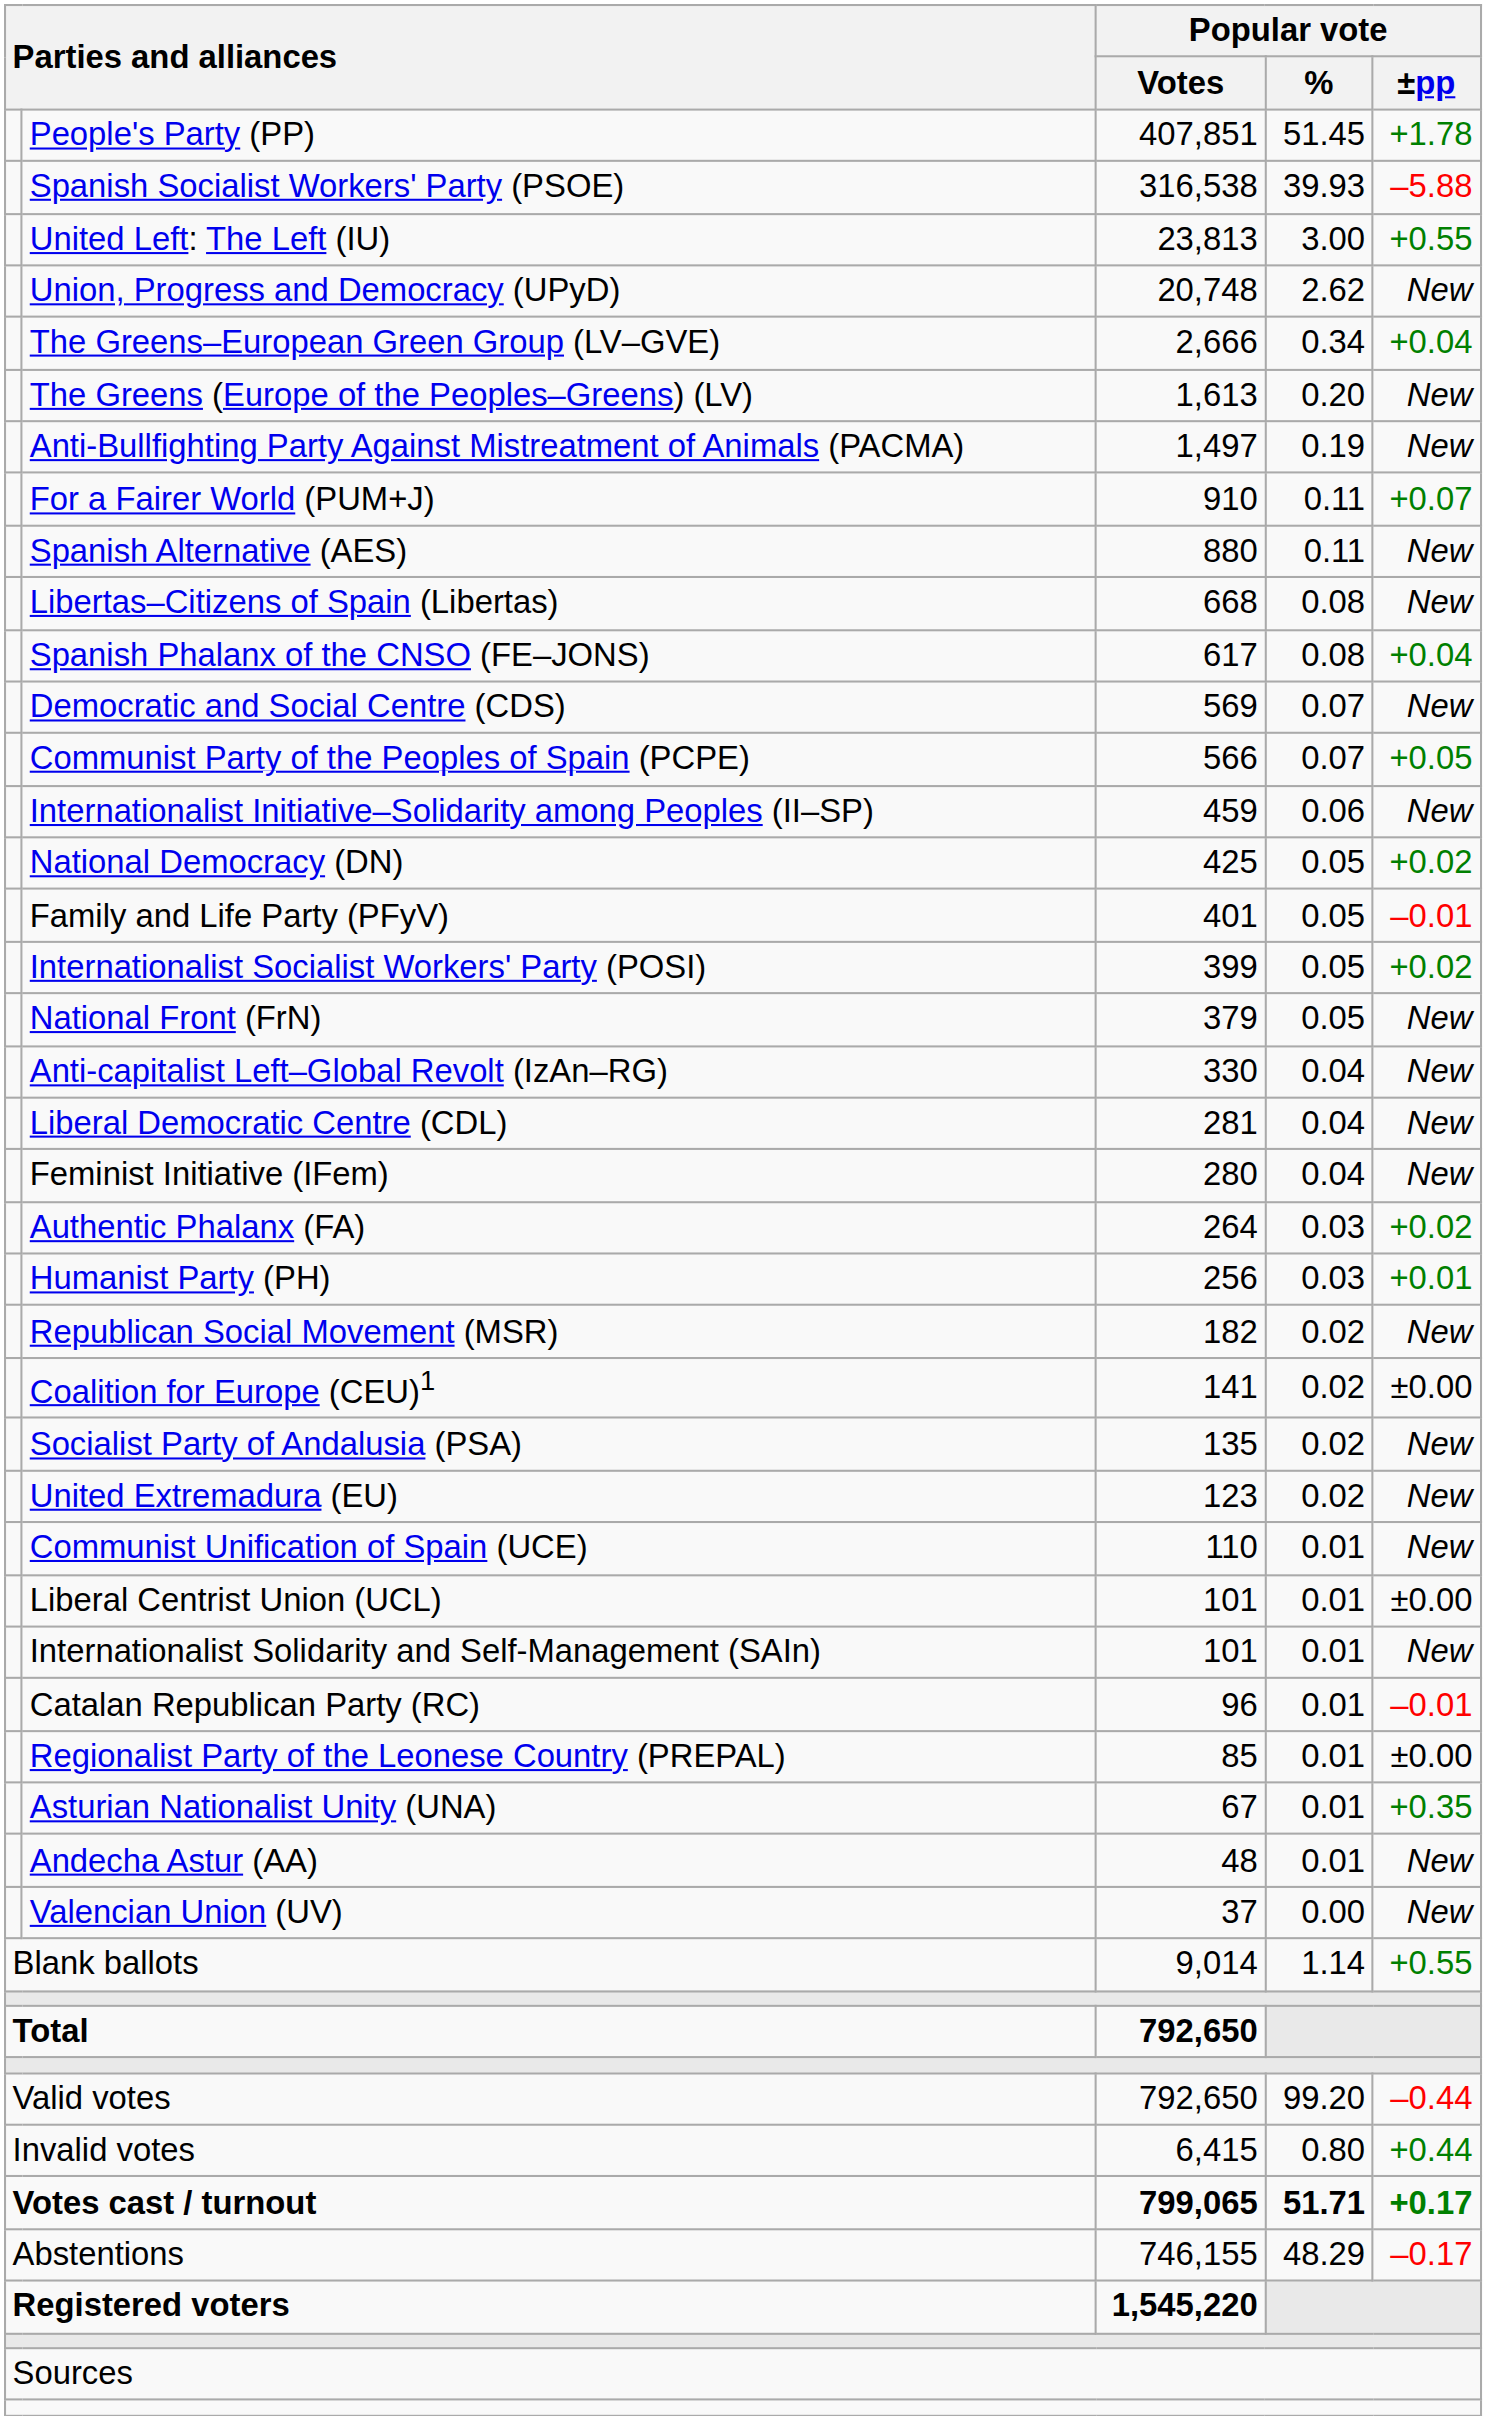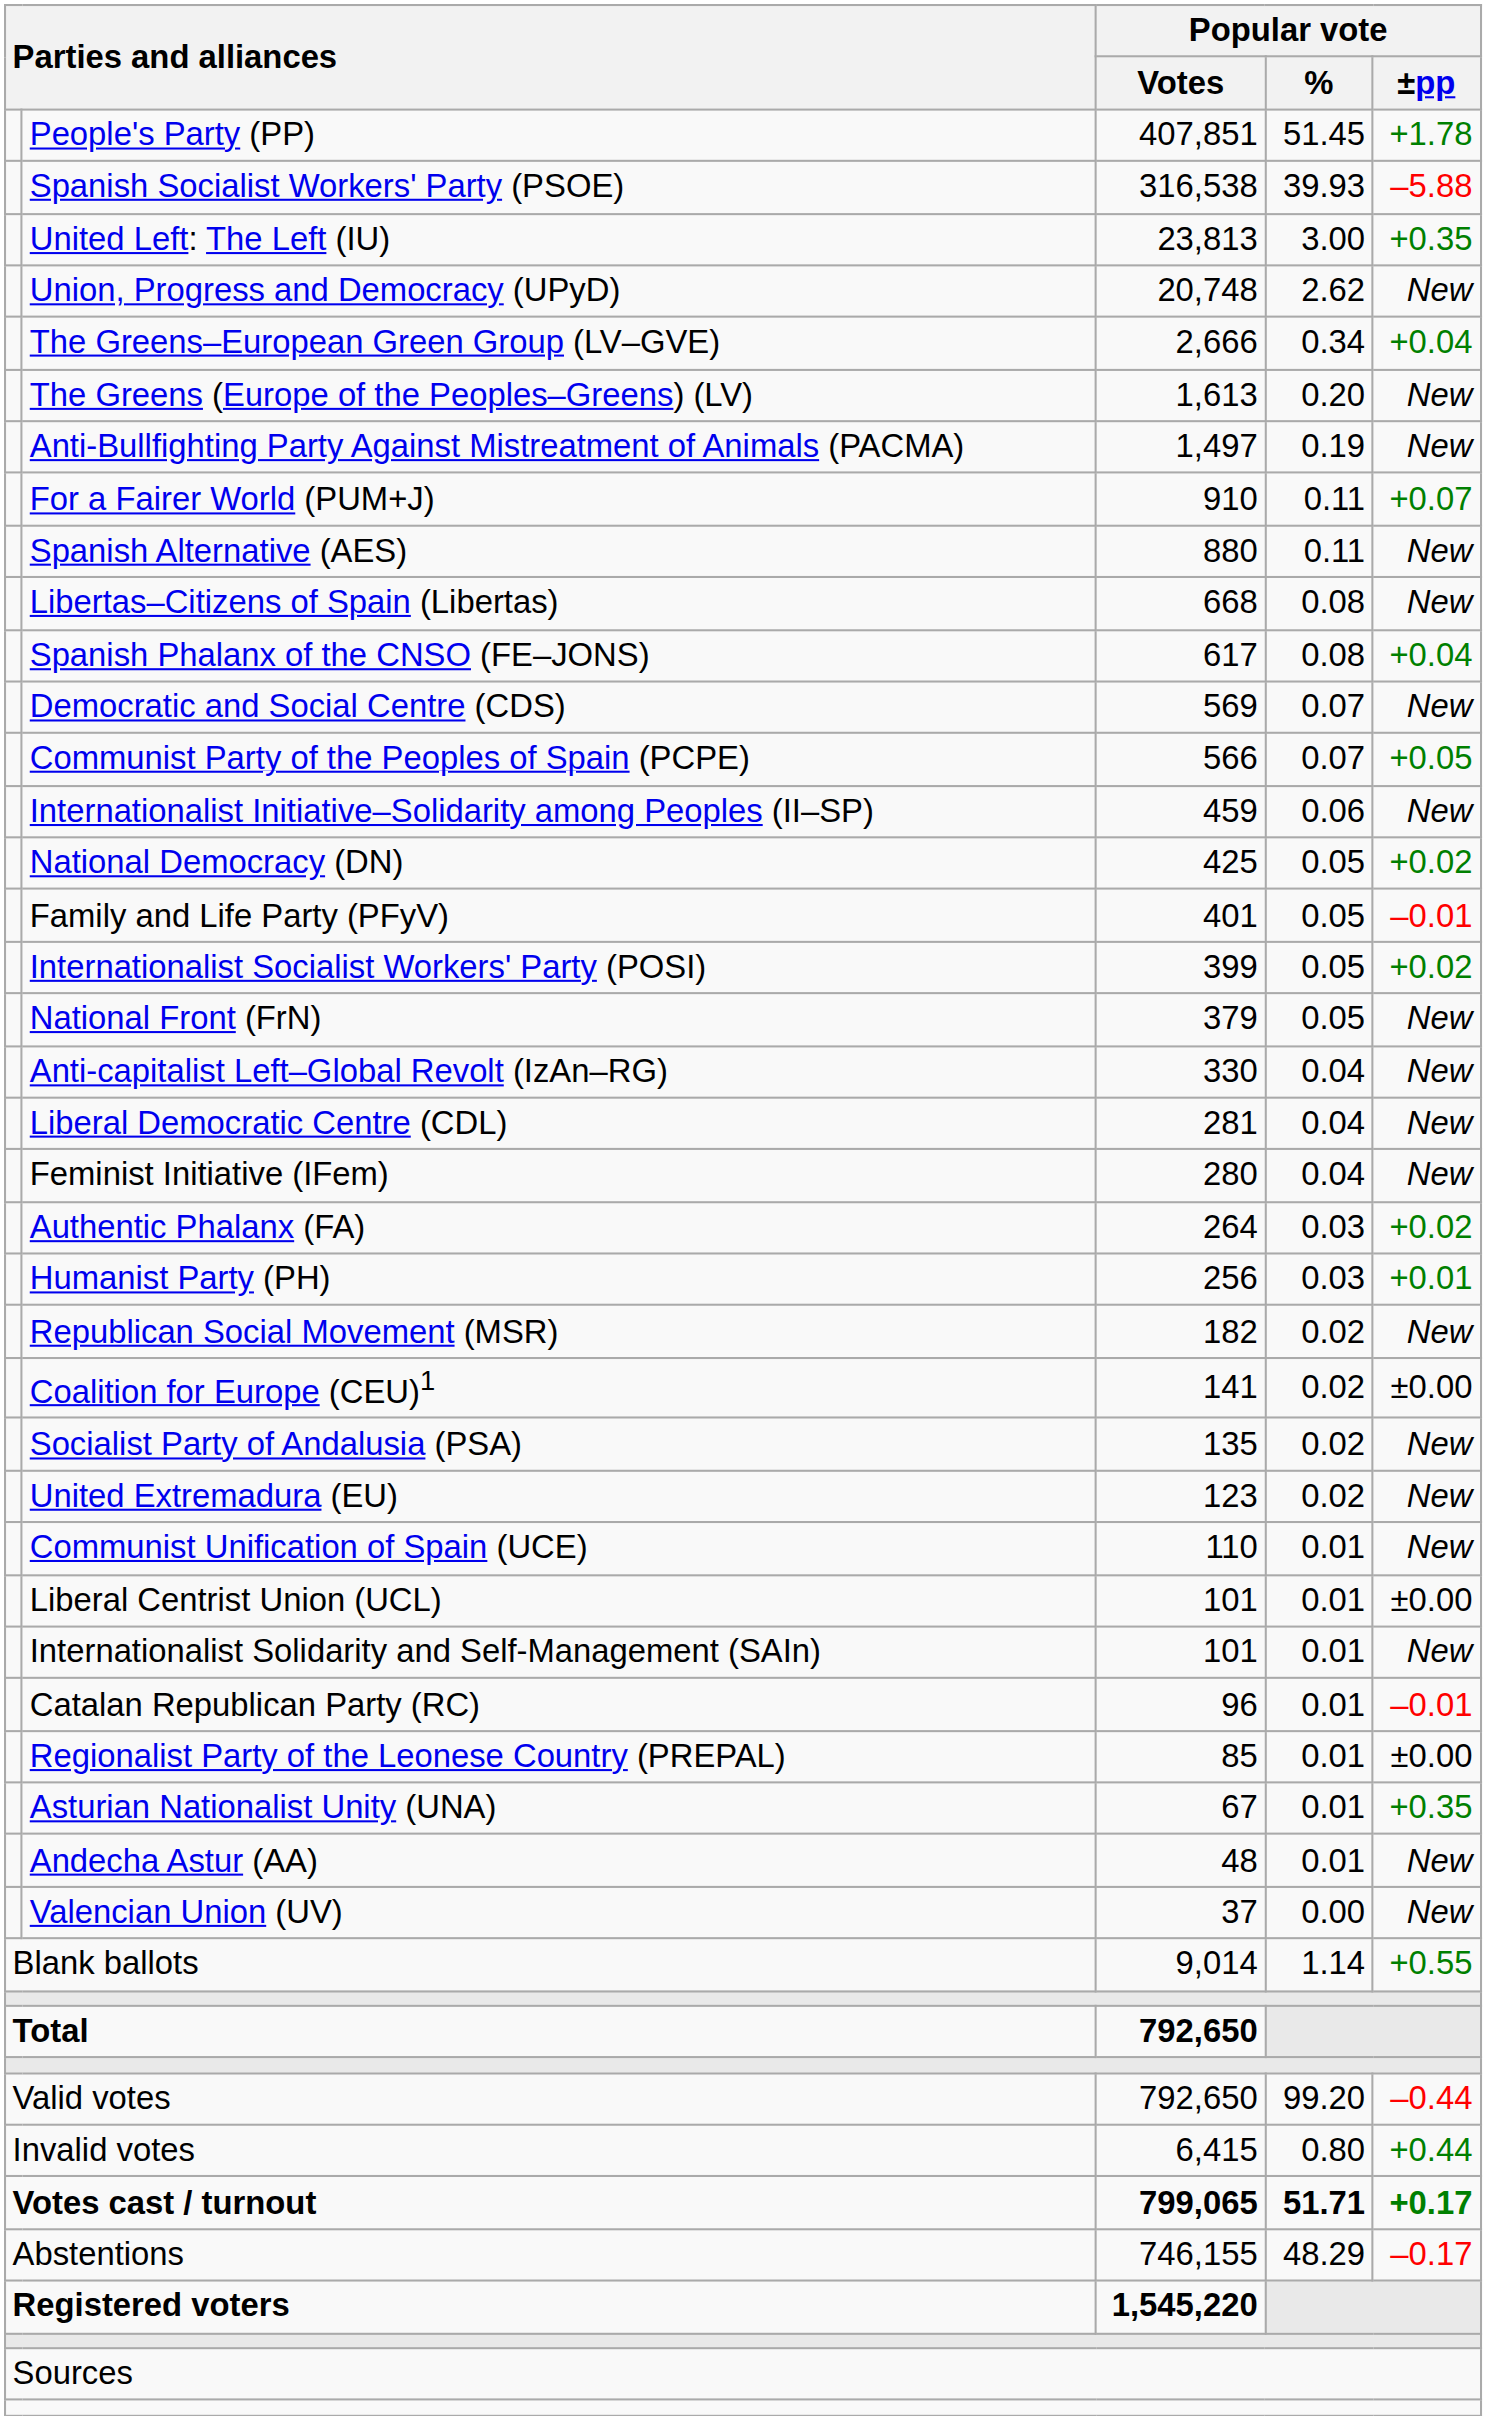 <table class="wikitable" style="text-align:right">
 <tr>
 <th style="text-align:left;" rowspan="2" colspan="2" width="525">Parties and alliances</th>
 <th colspan="3">Popular vote</th>
 </tr>
 <tr>
 <th width="75">Votes</th>
 <th width="45">%</th>
 <th width="45">±<a href='#'>pp</a></th>
 </tr>
 <tr>
 <td width="1" style="color:inherit;background:"></td>
 <td align="left"><a href='#'>People's Party</a> (PP)</td>
 <td>407,851</td>
 <td>51.45</td>
 <td style="color:green;">+1.78</td>
 </tr>
 <tr>
 <td style="color:inherit;background:"></td>
 <td align="left"><a href='#'>Spanish Socialist Workers' Party</a> (PSOE)</td>
 <td>316,538</td>
 <td>39.93</td>
 <td style="color:red;">–5.88</td>
 </tr>
 <tr>
 <td style="color:inherit;background:"></td>
 <td align="left"><a href='#'>United Left</a>: <a href='#'>The Left</a> (IU)</td>
 <td>23,813</td>
 <td>3.00</td>
-<td style="color:green;">+0.55</td>
+<td style="color:green;">+0.35</td>
 </tr>
 <tr>
 <td style="color:inherit;background:"></td>
 <td align="left"><a href='#'>Union, Progress and Democracy</a> (UPyD)</td>
 <td>20,748</td>
 <td>2.62</td>
 <td><em>New</em></td>
 </tr>
 <tr>
 <td style="color:inherit;background:"></td>
 <td align="left"><a href='#'>The Greens–European Green Group</a> (LV–GVE)</td>
 <td>2,666</td>
 <td>0.34</td>
 <td style="color:green;">+0.04</td>
 </tr>
 <tr>
 <td style="color:inherit;background:"></td>
 <td align="left"><a href='#'>The Greens</a> (<a href='#'>Europe of the Peoples–Greens</a>) (LV)</td>
 <td>1,613</td>
 <td>0.20</td>
 <td><em>New</em></td>
 </tr>
 <tr>
 <td style="color:inherit;background:"></td>
 <td align="left"><a href='#'>Anti-Bullfighting Party Against Mistreatment of Animals</a> (PACMA)</td>
 <td>1,497</td>
 <td>0.19</td>
 <td><em>New</em></td>
 </tr>
 <tr>
 <td style="color:inherit;background:"></td>
 <td align="left"><a href='#'>For a Fairer World</a> (PUM+J)</td>
 <td>910</td>
 <td>0.11</td>
 <td style="color:green;">+0.07</td>
 </tr>
 <tr>
 <td style="color:inherit;background:"></td>
 <td align="left"><a href='#'>Spanish Alternative</a> (AES)</td>
 <td>880</td>
 <td>0.11</td>
 <td><em>New</em></td>
 </tr>
 <tr>
 <td style="color:inherit;background:"></td>
 <td align="left"><a href='#'>Libertas–Citizens of Spain</a> (Libertas)</td>
 <td>668</td>
 <td>0.08</td>
 <td><em>New</em></td>
 </tr>
 <tr>
 <td style="color:inherit;background:"></td>
 <td align="left"><a href='#'>Spanish Phalanx of the CNSO</a> (FE–JONS)</td>
 <td>617</td>
 <td>0.08</td>
 <td style="color:green;">+0.04</td>
 </tr>
 <tr>
 <td style="color:inherit;background:"></td>
 <td align="left"><a href='#'>Democratic and Social Centre</a> (CDS)</td>
 <td>569</td>
 <td>0.07</td>
 <td><em>New</em></td>
 </tr>
 <tr>
 <td style="color:inherit;background:"></td>
 <td align="left"><a href='#'>Communist Party of the Peoples of Spain</a> (PCPE)</td>
 <td>566</td>
 <td>0.07</td>
 <td style="color:green;">+0.05</td>
 </tr>
 <tr>
 <td style="color:inherit;background:"></td>
 <td align="left"><a href='#'>Internationalist Initiative–Solidarity among Peoples</a> (II–SP)</td>
 <td>459</td>
 <td>0.06</td>
 <td><em>New</em></td>
 </tr>
 <tr>
 <td style="color:inherit;background:"></td>
 <td align="left"><a href='#'>National Democracy</a> (DN)</td>
 <td>425</td>
 <td>0.05</td>
 <td style="color:green;">+0.02</td>
 </tr>
 <tr>
 <td style="color:inherit;background:"></td>
 <td align="left">Family and Life Party (PFyV)</td>
 <td>401</td>
 <td>0.05</td>
 <td style="color:red;">–0.01</td>
 </tr>
 <tr>
 <td style="color:inherit;background:"></td>
 <td align="left"><a href='#'>Internationalist Socialist Workers' Party</a> (POSI)</td>
 <td>399</td>
 <td>0.05</td>
 <td style="color:green;">+0.02</td>
 </tr>
 <tr>
 <td style="color:inherit;background:"></td>
 <td align="left"><a href='#'>National Front</a> (FrN)</td>
 <td>379</td>
 <td>0.05</td>
 <td><em>New</em></td>
 </tr>
 <tr>
 <td style="color:inherit;background:"></td>
 <td align="left"><a href='#'>Anti-capitalist Left–Global Revolt</a> (IzAn–RG)</td>
 <td>330</td>
 <td>0.04</td>
 <td><em>New</em></td>
 </tr>
 <tr>
 <td style="color:inherit;background:"></td>
 <td align="left"><a href='#'>Liberal Democratic Centre</a> (CDL)</td>
 <td>281</td>
 <td>0.04</td>
 <td><em>New</em></td>
 </tr>
 <tr>
 <td style="color:inherit;background:"></td>
 <td align="left">Feminist Initiative (IFem)</td>
 <td>280</td>
 <td>0.04</td>
 <td><em>New</em></td>
 </tr>
 <tr>
 <td style="color:inherit;background:"></td>
 <td align="left"><a href='#'>Authentic Phalanx</a> (FA)</td>
 <td>264</td>
 <td>0.03</td>
 <td style="color:green;">+0.02</td>
 </tr>
 <tr>
 <td style="color:inherit;background:"></td>
 <td align="left"><a href='#'>Humanist Party</a> (PH)</td>
 <td>256</td>
 <td>0.03</td>
 <td style="color:green;">+0.01</td>
 </tr>
 <tr>
 <td style="color:inherit;background:"></td>
 <td align="left"><a href='#'>Republican Social Movement</a> (MSR)</td>
 <td>182</td>
 <td>0.02</td>
 <td><em>New</em></td>
 </tr>
 <tr>
 <td style="color:inherit;background:"></td>
 <td align="left"><a href='#'>Coalition for Europe</a> (CEU)<sup>1</sup></td>
 <td>141</td>
 <td>0.02</td>
 <td>±0.00</td>
 </tr>
 <tr>
 <td style="color:inherit;background:"></td>
 <td align="left"><a href='#'>Socialist Party of Andalusia</a> (PSA)</td>
 <td>135</td>
 <td>0.02</td>
 <td><em>New</em></td>
 </tr>
 <tr>
 <td style="color:inherit;background:"></td>
 <td align="left"><a href='#'>United Extremadura</a> (EU)</td>
 <td>123</td>
 <td>0.02</td>
 <td><em>New</em></td>
 </tr>
 <tr>
 <td style="color:inherit;background:"></td>
 <td align="left"><a href='#'>Communist Unification of Spain</a> (UCE)</td>
 <td>110</td>
 <td>0.01</td>
 <td><em>New</em></td>
 </tr>
 <tr>
 <td style="color:inherit;background:"></td>
 <td align="left">Liberal Centrist Union (UCL)</td>
 <td>101</td>
 <td>0.01</td>
 <td>±0.00</td>
 </tr>
 <tr>
 <td style="color:inherit;background:"></td>
 <td align="left">Internationalist Solidarity and Self-Management (SAIn)</td>
 <td>101</td>
 <td>0.01</td>
 <td><em>New</em></td>
 </tr>
 <tr>
 <td style="color:inherit;background:"></td>
 <td align="left">Catalan Republican Party (RC)</td>
 <td>96</td>
 <td>0.01</td>
 <td style="color:red;">–0.01</td>
 </tr>
 <tr>
 <td style="color:inherit;background:"></td>
 <td align="left"><a href='#'>Regionalist Party of the Leonese Country</a> (PREPAL)</td>
 <td>85</td>
 <td>0.01</td>
 <td>±0.00</td>
 </tr>
 <tr>
 <td style="color:inherit;background:"></td>
 <td align="left"><a href='#'>Asturian Nationalist Unity</a> (UNA)</td>
 <td>67</td>
 <td>0.01</td>
 <td style="color:green;">+0.35</td>
 </tr>
 <tr>
 <td style="color:inherit;background:"></td>
 <td align="left"><a href='#'>Andecha Astur</a> (AA)</td>
 <td>48</td>
 <td>0.01</td>
 <td><em>New</em></td>
 </tr>
 <tr>
 <td style="color:inherit;background:"></td>
 <td align="left"><a href='#'>Valencian Union</a> (UV)</td>
 <td>37</td>
 <td>0.00</td>
 <td><em>New</em></td>
 </tr>
 <tr>
 <td align="left" colspan="2">Blank ballots</td>
 <td>9,014</td>
 <td>1.14</td>
 <td style="color:green;">+0.55</td>
 </tr>
 <tr>
 <td colspan="5" bgcolor="#E9E9E9"></td>
 </tr>
 <tr style="font-weight:bold;">
 <td align="left" colspan="2">Total</td>
 <td>792,650</td>
 <td bgcolor="#E9E9E9" colspan="2"></td>
 </tr>
 <tr>
 <td colspan="5" bgcolor="#E9E9E9"></td>
 </tr>
 <tr>
 <td align="left" colspan="2">Valid votes</td>
 <td>792,650</td>
 <td>99.20</td>
 <td style="color:red;">–0.44</td>
 </tr>
 <tr>
 <td align="left" colspan="2">Invalid votes</td>
 <td>6,415</td>
 <td>0.80</td>
 <td style="color:green;">+0.44</td>
 </tr>
 <tr style="font-weight:bold;">
 <td align="left" colspan="2">Votes cast / turnout</td>
 <td>799,065</td>
 <td>51.71</td>
 <td style="color:green;">+0.17</td>
 </tr>
 <tr>
 <td align="left" colspan="2">Abstentions</td>
 <td>746,155</td>
 <td>48.29</td>
 <td style="color:red;">–0.17</td>
 </tr>
 <tr style="font-weight:bold;">
 <td align="left" colspan="2">Registered voters</td>
 <td>1,545,220</td>
 <td bgcolor="#E9E9E9" colspan="2"></td>
 </tr>
 <tr>
 <td colspan="5" bgcolor="#E9E9E9"></td>
 </tr>
 <tr>
 <td align="left" colspan="5">Sources</td>
 </tr>
 <tr>
 <td colspan="5" style="text-align:left; max-width:680px;"></td>
 </tr>
 </table>
